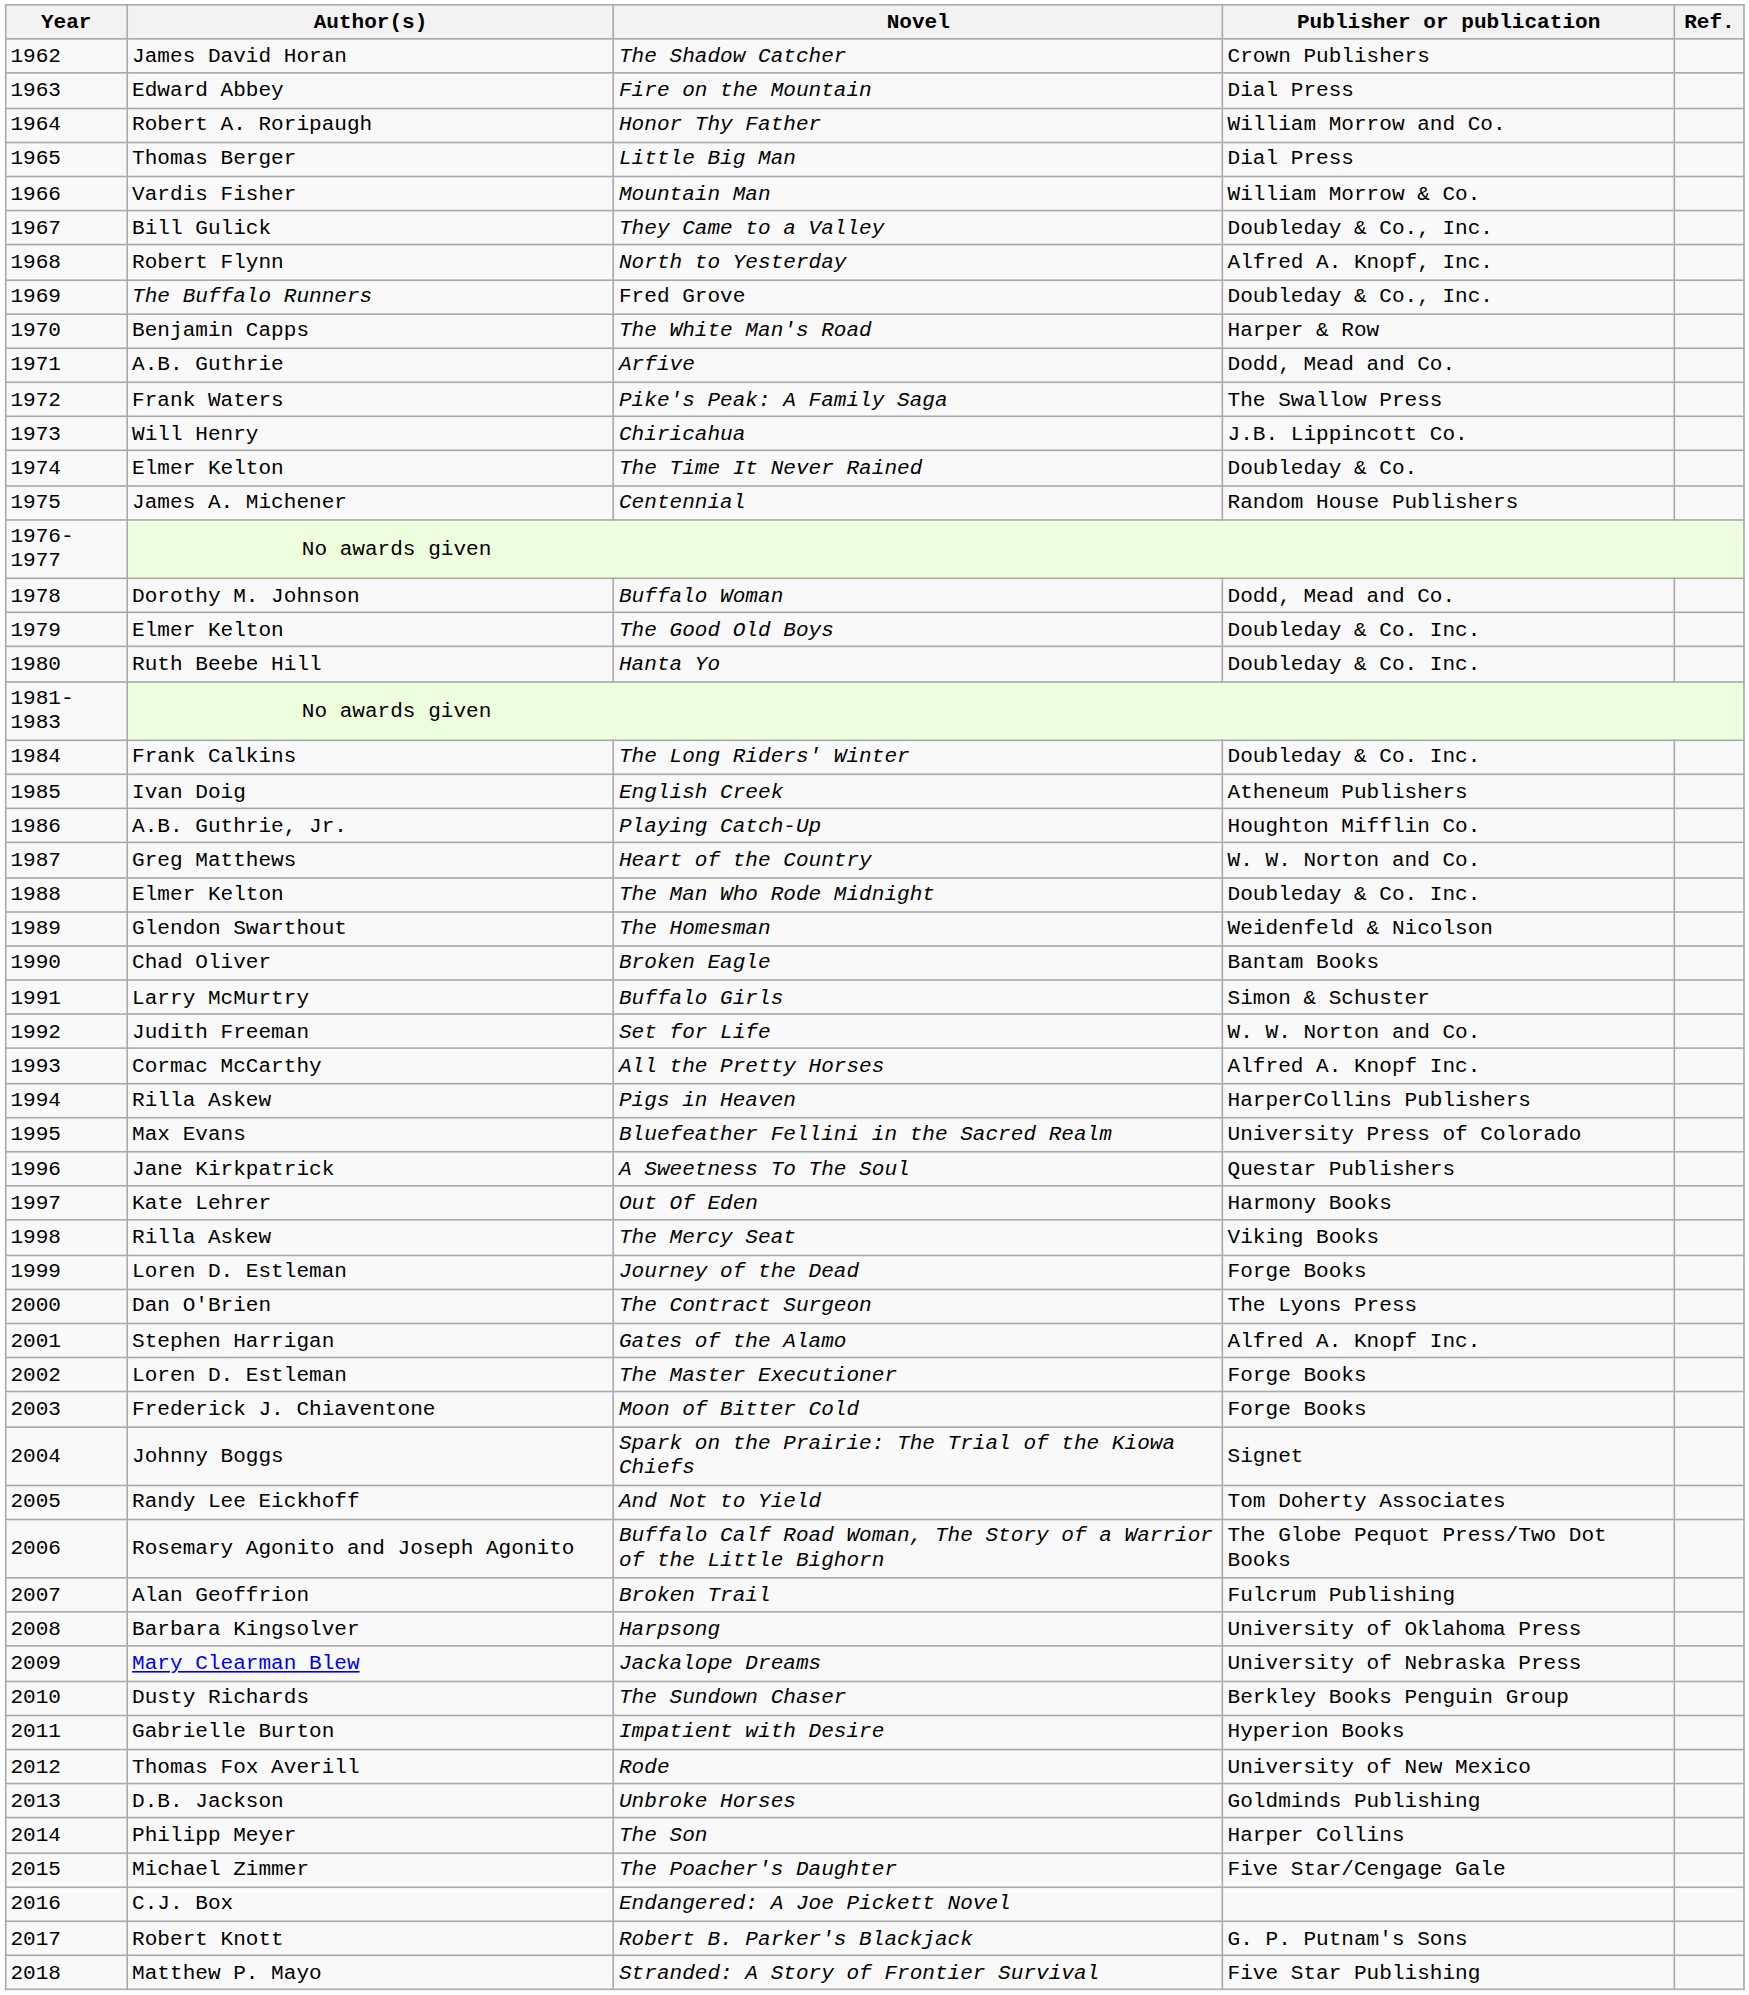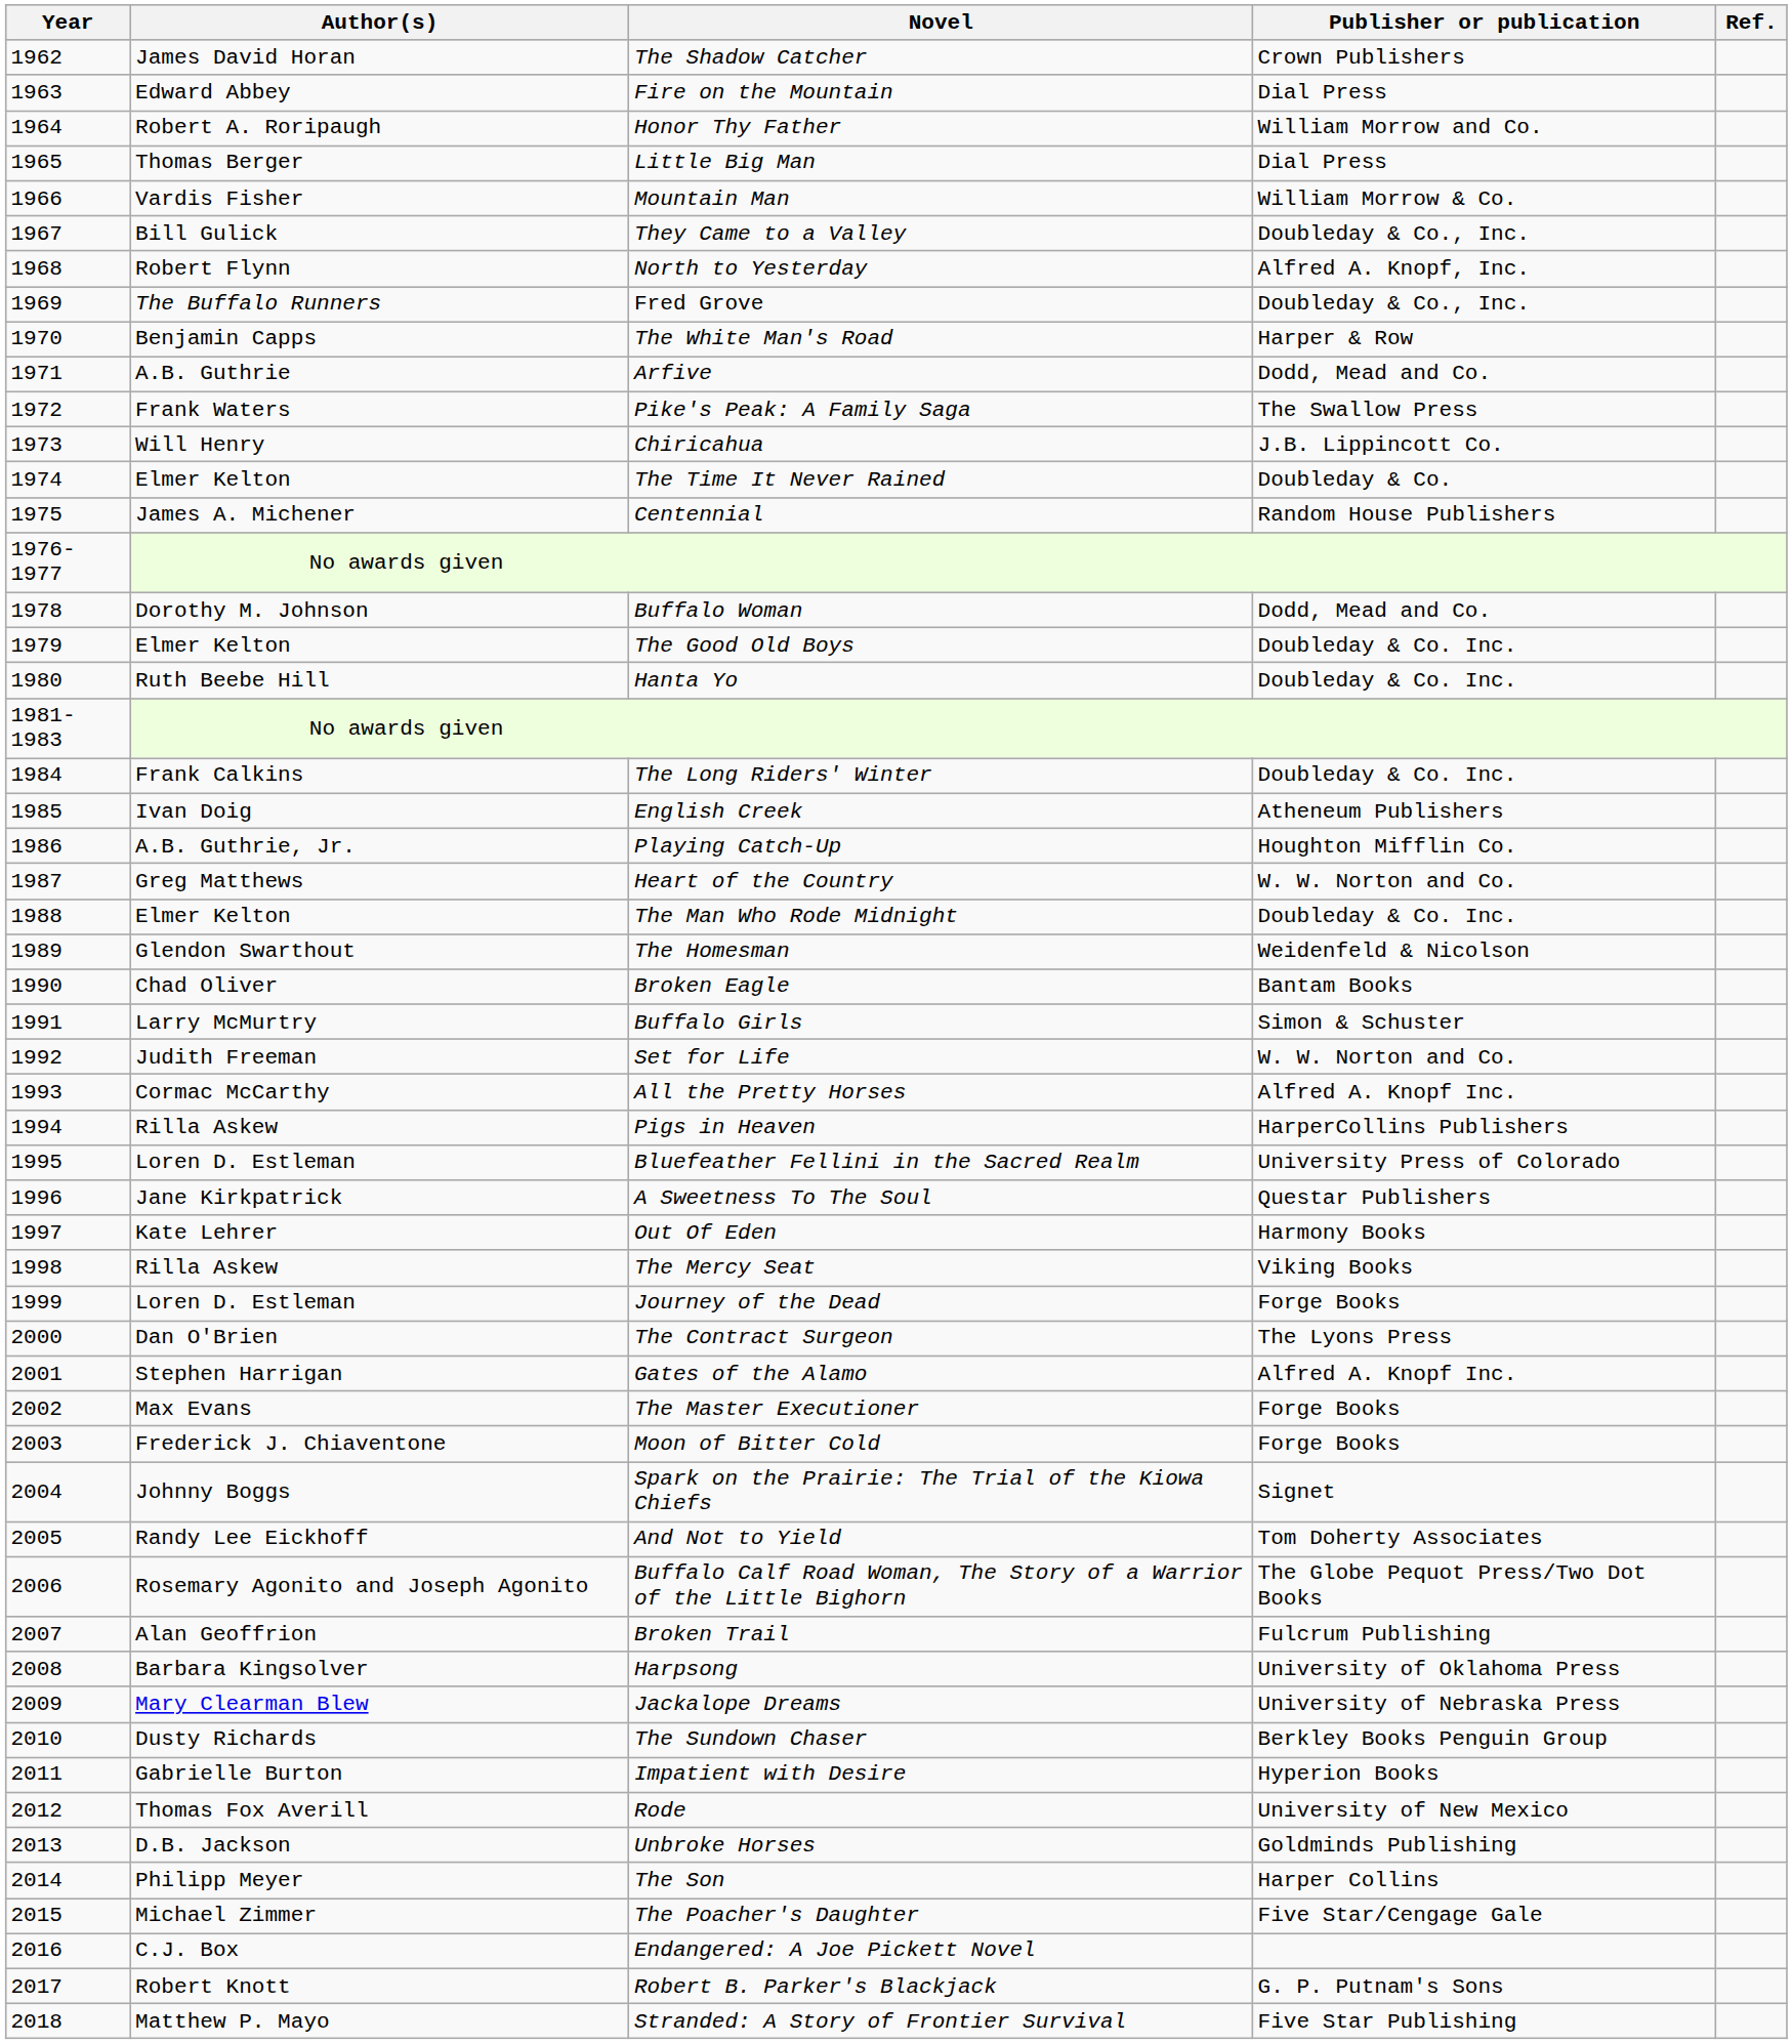 <table class="sortable wikitable" width="85%" cellpadding="5" style="margin: 1em auto 1em auto">
 <tr>
 <th width="7%" scope="col">Year</th>
 <th width="28%" scope="col">Author(s)</th>
 <th width="35%" scope="col">Novel</th>
 <th width="26%" scope="col">Publisher or publication</th>
 <th width="4%" scope="col" class="unsortable">Ref.</th>
 </tr>
 <tr>
 <td>1962</td>
 <td>James David Horan</td>
 <td><em>The Shadow Catcher</em></td>
 <td>Crown Publishers</td>
 <td></td>
 </tr>
 <tr>
 <td>1963</td>
 <td>Edward Abbey</td>
 <td><em>Fire on the Mountain</em></td>
 <td>Dial Press</td>
 <td></td>
 </tr>
 <tr>
 <td>1964</td>
 <td>Robert A. Roripaugh</td>
 <td><em>Honor Thy Father</em></td>
 <td>William Morrow and Co.</td>
 <td></td>
 </tr>
 <tr>
 <td>1965</td>
 <td>Thomas Berger</td>
 <td><em>Little Big Man</em></td>
 <td>Dial Press</td>
 <td></td>
 </tr>
 <tr>
 <td>1966</td>
 <td>Vardis Fisher</td>
 <td><em>Mountain Man</em></td>
 <td>William Morrow & Co.</td>
 <td></td>
 </tr>
 <tr>
 <td>1967</td>
 <td>Bill Gulick</td>
 <td><em>They Came to a Valley</em></td>
 <td>Doubleday & Co., Inc.</td>
 <td></td>
 </tr>
 <tr>
 <td>1968</td>
 <td>Robert Flynn</td>
 <td><em>North to Yesterday</em></td>
 <td>Alfred A. Knopf, Inc.</td>
 <td></td>
 </tr>
 <tr>
 <td>1969</td>
 <td><em>The Buffalo Runners</em></td>
 <td>Fred Grove</td>
 <td>Doubleday & Co., Inc.</td>
 <td></td>
 </tr>
 <tr>
 <td>1970</td>
 <td>Benjamin Capps</td>
 <td><em>The White Man's Road</em></td>
 <td>Harper & Row</td>
 <td></td>
 </tr>
 <tr>
 <td>1971</td>
 <td>A.B. Guthrie</td>
 <td><em>Arfive</em></td>
 <td>Dodd, Mead and Co.</td>
 <td></td>
 </tr>
 <tr>
 <td>1972</td>
 <td>Frank Waters</td>
 <td><em>Pike's Peak: A Family Saga</em></td>
 <td>The Swallow Press</td>
 <td></td>
 </tr>
 <tr>
 <td>1973</td>
 <td>Will Henry</td>
 <td><em>Chiricahua</em></td>
 <td>J.B. Lippincott Co.</td>
 <td></td>
 </tr>
 <tr>
 <td>1974</td>
 <td>Elmer Kelton</td>
 <td><em>The Time It Never Rained</em></td>
 <td>Doubleday & Co.</td>
 <td></td>
 </tr>
 <tr>
 <td>1975</td>
 <td>James A. Michener</td>
 <td><em>Centennial</em></td>
 <td>Random House Publishers</td>
 <td></td>
 </tr>
 <tr>
 <td>1976-1977</td>
 <td colspan="4" style="background-color:#EFD; padding-left:10%" data-sort-value="?">No awards given</td>
 </tr>
 <tr>
 <td>1978</td>
 <td>Dorothy M. Johnson</td>
 <td><em>Buffalo Woman</em></td>
 <td>Dodd, Mead and Co.</td>
 <td></td>
 </tr>
 <tr>
 <td>1979</td>
 <td>Elmer Kelton</td>
 <td><em>The Good Old Boys</em></td>
 <td>Doubleday & Co. Inc.</td>
 <td></td>
 </tr>
 <tr>
 <td>1980</td>
 <td>Ruth Beebe Hill</td>
 <td><em>Hanta Yo</em></td>
 <td>Doubleday & Co. Inc.</td>
 <td></td>
 </tr>
 <tr>
 <td>1981-1983</td>
 <td colspan="4" style="background-color:#EFD; padding-left:10%" data-sort-value="?">No awards given</td>
 </tr>
 <tr>
 <td>1984</td>
 <td>Frank Calkins</td>
 <td><em>The Long Riders' Winter</em></td>
 <td>Doubleday & Co. Inc.</td>
 <td></td>
 </tr>
 <tr>
 <td>1985</td>
 <td>Ivan Doig</td>
 <td><em>English Creek</em></td>
 <td>Atheneum Publishers</td>
 <td></td>
 </tr>
 <tr>
 <td>1986</td>
 <td>A.B. Guthrie, Jr.</td>
 <td><em>Playing Catch-Up</em></td>
 <td>Houghton Mifflin Co.</td>
 <td></td>
 </tr>
 <tr>
 <td>1987</td>
 <td>Greg Matthews</td>
 <td><em>Heart of the Country</em></td>
 <td>W. W. Norton and Co.</td>
 <td></td>
 </tr>
 <tr>
 <td>1988</td>
 <td>Elmer Kelton</td>
 <td><em>The Man Who Rode Midnight</em></td>
 <td>Doubleday & Co. Inc.</td>
 <td></td>
 </tr>
 <tr>
 <td>1989</td>
 <td>Glendon Swarthout</td>
 <td><em>The Homesman</em></td>
 <td>Weidenfeld & Nicolson</td>
 <td></td>
 </tr>
 <tr>
 <td>1990</td>
 <td>Chad Oliver</td>
 <td><em>Broken Eagle</em></td>
 <td>Bantam Books</td>
 <td></td>
 </tr>
 <tr>
 <td>1991</td>
 <td>Larry McMurtry</td>
 <td><em>Buffalo Girls</em></td>
 <td>Simon & Schuster</td>
 <td></td>
 </tr>
 <tr>
 <td>1992</td>
 <td>Judith Freeman</td>
 <td><em>Set for Life</em></td>
 <td>W. W. Norton and Co.</td>
 <td></td>
 </tr>
 <tr>
 <td>1993</td>
 <td>Cormac McCarthy</td>
 <td><em>All the Pretty Horses</em></td>
 <td>Alfred A. Knopf Inc.</td>
 <td></td>
 </tr>
 <tr>
 <td>1994</td>
 <td>Rilla Askew</td>
 <td><em>Pigs in Heaven</em></td>
 <td>HarperCollins Publishers</td>
 <td></td>
 </tr>
 <tr>
 <td>1995</td>
-<td>Max Evans</td>
+<td>Loren D. Estleman</td>
 <td><em>Bluefeather Fellini in the Sacred Realm</em></td>
 <td>University Press of Colorado</td>
 <td></td>
 </tr>
 <tr>
 <td>1996</td>
 <td>Jane Kirkpatrick</td>
 <td><em>A Sweetness To The Soul</em></td>
 <td>Questar Publishers</td>
 <td></td>
 </tr>
 <tr>
 <td>1997</td>
 <td>Kate Lehrer</td>
 <td><em>Out Of Eden</em></td>
 <td>Harmony Books</td>
 <td></td>
 </tr>
 <tr>
 <td>1998</td>
 <td>Rilla Askew</td>
 <td><em>The Mercy Seat</em></td>
 <td>Viking Books</td>
 <td></td>
 </tr>
 <tr>
 <td>1999</td>
 <td>Loren D. Estleman</td>
 <td><em>Journey of the Dead</em></td>
 <td>Forge Books</td>
 <td></td>
 </tr>
 <tr>
 <td>2000</td>
 <td>Dan O'Brien</td>
 <td><em>The Contract Surgeon</em></td>
 <td>The Lyons Press</td>
 <td></td>
 </tr>
 <tr>
 <td>2001</td>
 <td>Stephen Harrigan</td>
 <td><em>Gates of the Alamo</em></td>
 <td>Alfred A. Knopf Inc.</td>
 </tr>
 <tr>
 <td>2002</td>
-<td>Loren D. Estleman</td>
+<td>Max Evans</td>
 <td><em>The Master Executioner</em></td>
 <td>Forge Books</td>
 <td></td>
 </tr>
 <tr>
 <td>2003</td>
 <td>Frederick J. Chiaventone</td>
 <td><em>Moon of Bitter Cold</em></td>
 <td>Forge Books</td>
 <td></td>
 </tr>
 <tr>
 <td>2004</td>
 <td>Johnny Boggs</td>
 <td><em>Spark on the Prairie: The Trial of the Kiowa Chiefs</em></td>
 <td>Signet</td>
 <td></td>
 </tr>
 <tr>
 <td>2005</td>
 <td>Randy Lee Eickhoff</td>
 <td><em>And Not to Yield</em></td>
 <td>Tom Doherty Associates</td>
 <td></td>
 </tr>
 <tr>
 <td>2006</td>
 <td>Rosemary Agonito and Joseph Agonito</td>
 <td><em>Buffalo Calf Road Woman, The Story of a Warrior of the Little Bighorn</em></td>
 <td>The Globe Pequot Press/Two Dot Books</td>
 <td></td>
 </tr>
 <tr>
 <td>2007</td>
 <td>Alan Geoffrion</td>
 <td><em>Broken Trail</em></td>
 <td>Fulcrum Publishing</td>
 <td></td>
 </tr>
 <tr>
 <td>2008</td>
 <td>Barbara Kingsolver</td>
 <td><em>Harpsong</em></td>
 <td>University of Oklahoma Press</td>
 <td></td>
 </tr>
 <tr>
 <td>2009</td>
 <td><a href='#'>Mary Clearman Blew</a></td>
 <td><em>Jackalope Dreams</em></td>
 <td>University of Nebraska Press</td>
 <td></td>
 </tr>
 <tr>
 <td>2010</td>
 <td>Dusty Richards</td>
 <td><em>The Sundown Chaser</em></td>
 <td>Berkley Books Penguin Group</td>
 <td></td>
 </tr>
 <tr>
 <td>2011</td>
 <td>Gabrielle Burton</td>
 <td><em>Impatient with Desire</em></td>
 <td>Hyperion Books</td>
 <td></td>
 </tr>
 <tr>
 <td>2012</td>
 <td>Thomas Fox Averill</td>
 <td><em>Rode</em></td>
 <td>University of New Mexico</td>
 <td></td>
 </tr>
 <tr>
 <td>2013</td>
 <td>D.B. Jackson</td>
 <td><em>Unbroke Horses</em></td>
 <td>Goldminds Publishing</td>
 <td></td>
 </tr>
 <tr>
 <td>2014</td>
 <td>Philipp Meyer</td>
 <td><em>The Son</em></td>
 <td>Harper Collins</td>
 <td></td>
 </tr>
 <tr>
 <td>2015</td>
 <td>Michael Zimmer</td>
 <td><em>The Poacher's Daughter</em></td>
 <td>Five Star/Cengage Gale</td>
 <td></td>
 </tr>
 <tr>
 <td>2016</td>
 <td>C.J. Box</td>
 <td><em>Endangered: A Joe Pickett Novel</em></td>
 <td></td>
 <td></td>
 </tr>
 <tr>
 <td>2017</td>
 <td>Robert Knott</td>
 <td><em>Robert B. Parker's Blackjack</em></td>
 <td>G. P. Putnam's Sons</td>
 <td></td>
 </tr>
 <tr>
 <td>2018</td>
 <td>Matthew P. Mayo</td>
 <td><em>Stranded: A Story of Frontier Survival</em></td>
 <td>Five Star Publishing</td>
 <td></td>
 </tr>
 </table>
